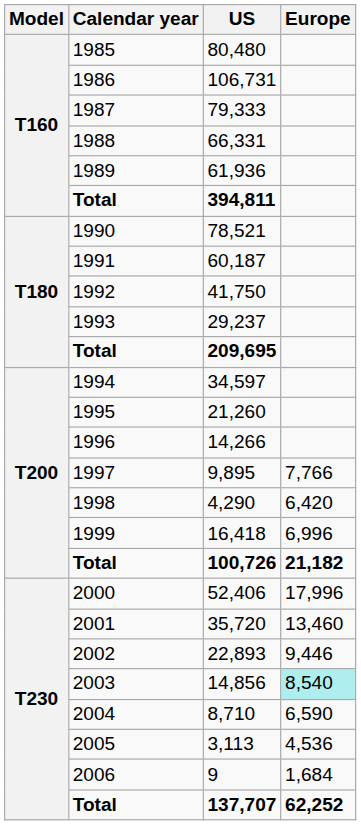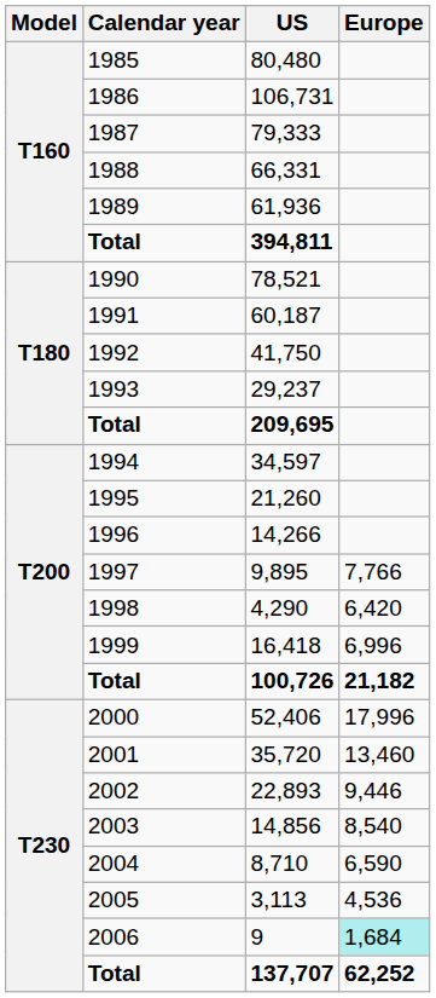 <table class="wikitable">
 <tr>
 <th>Model</th>
 <th>Calendar year</th>
 <th>US</th>
 <th>Europe</th>
 </tr>
 <tr>
 <th rowspan="6">T160</th>
 <td>1985</td>
 <td>80,480</td>
 <td></td>
 </tr>
 <tr>
 <td>1986</td>
 <td>106,731</td>
 <td></td>
 </tr>
 <tr>
 <td>1987</td>
 <td>79,333</td>
 <td></td>
 </tr>
 <tr>
 <td>1988</td>
 <td>66,331</td>
 <td></td>
 </tr>
 <tr>
 <td>1989</td>
 <td>61,936</td>
 <td></td>
 </tr>
 <tr>
 <td><strong>Total</strong></td>
 <td><strong>394,811</strong></td>
 <td></td>
 </tr>
 <tr>
 <th rowspan="5">T180</th>
 <td>1990</td>
 <td>78,521</td>
 <td></td>
 </tr>
 <tr>
 <td>1991</td>
 <td>60,187</td>
 <td></td>
 </tr>
 <tr>
 <td>1992</td>
 <td>41,750</td>
 <td></td>
 </tr>
 <tr>
 <td>1993</td>
 <td>29,237</td>
 <td></td>
 </tr>
 <tr>
 <td><strong>Total</strong></td>
 <td><strong>209,695</strong></td>
 <td></td>
 </tr>
 <tr>
 <th rowspan="7">T200</th>
 <td>1994</td>
 <td>34,597</td>
 <td></td>
 </tr>
 <tr>
 <td>1995</td>
 <td>21,260</td>
 <td></td>
 </tr>
 <tr>
 <td>1996</td>
 <td>14,266</td>
 <td></td>
 </tr>
 <tr>
 <td>1997</td>
 <td>9,895</td>
 <td>7,766</td>
 </tr>
 <tr>
 <td>1998</td>
 <td>4,290</td>
 <td>6,420</td>
 </tr>
 <tr>
 <td>1999</td>
 <td>16,418</td>
 <td>6,996</td>
 </tr>
 <tr>
 <td><strong>Total</strong></td>
 <td><strong>100,726</strong></td>
 <td><strong>21,182</strong></td>
 </tr>
 <tr>
 <th rowspan="8">T230</th>
 <td>2000</td>
 <td>52,406</td>
 <td>17,996</td>
 </tr>
 <tr>
 <td>2001</td>
 <td>35,720</td>
 <td>13,460</td>
 </tr>
 <tr>
 <td>2002</td>
 <td>22,893</td>
 <td>9,446</td>
 </tr>
 <tr>
 <td>2003</td>
 <td>14,856</td>
-<td style="background: paleturquoise;">8,540</td>
+<td>8,540</td>
 </tr>
 <tr>
 <td>2004</td>
 <td>8,710</td>
 <td>6,590</td>
 </tr>
 <tr>
 <td>2005</td>
 <td>3,113</td>
 <td>4,536</td>
 </tr>
 <tr>
 <td>2006</td>
 <td>9</td>
-<td>1,684</td>
+<td style="background: paleturquoise;">1,684</td>
 </tr>
 <tr>
 <td><strong>Total</strong></td>
 <td><strong>137,707</strong></td>
 <td><strong>62,252</strong></td>
 </tr>
 </table>
